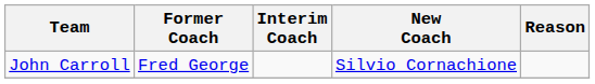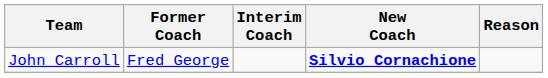 <table class="wikitable" style="text-align:center;">
 <tr>
 <th>Team</th>
 <th>Former<br>Coach</th>
 <th>Interim<br>Coach</th>
 <th>New<br>Coach</th>
 <th>Reason</th>
 </tr>
 <tr>
 <td><a href='#'>John Carroll</a></td>
 <td><a href='#'>Fred George</a></td>
 <td></td>
-<td><a href='#'>Silvio Cornachione</a></td>
+<td><strong><a href='#'>Silvio Cornachione</a></strong></td>
 <td></td>
 </tr>
 <tr>
 </tr>
 </table>
